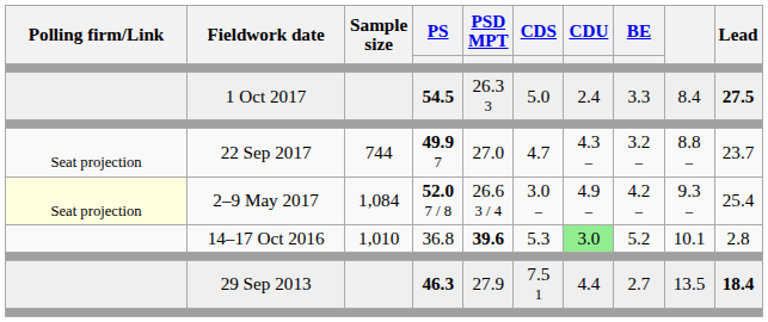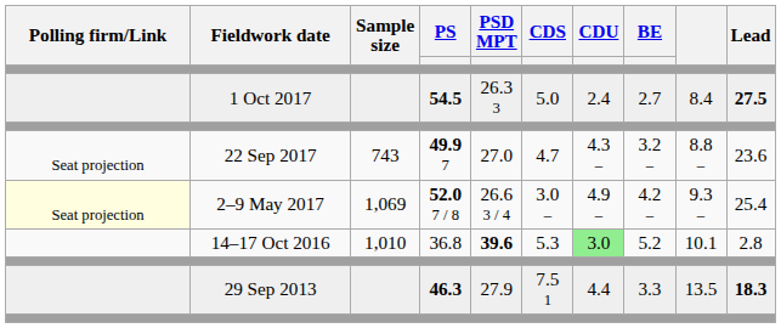 <table class="wikitable collapsible sortable" style="text-align:center; font-size:95%; line-height:16px;">
 <tr style="height:42px;">
 <th style="width:145px;" rowspan="2">Polling firm/Link</th>
 <th style="width:125px;" rowspan="2">Fieldwork date</th>
 <th class="unsortable" style="width:50px;" rowspan="2">Sample size</th>
 <th class="unsortable" style="width:35px;"><a href='#'>PS</a></th>
 <th class="unsortable" style="width:35px;"><a href='#'>PSD</a><br><a href='#'>MPT</a></th>
 <th class="unsortable" style="width:35px;"><a href='#'>CDS</a></th>
 <th class="unsortable" style="width:35px;"><a href='#'>CDU</a></th>
 <th class="unsortable" style="width:35px;"><a href='#'>BE</a></th>
 <th class="unsortable" style="width:35px;" rowspan="2"></th>
 <th class="unsortable" style="width:30px;" rowspan="2">Lead</th>
 </tr>
 <tr>
 <th class="unsortable" style="color:inherit;background:"></th>
 <th class="unsortable" style="color:inherit;background:"></th>
 <th class="unsortable" style="color:inherit;background:"></th>
 <th class="unsortable" style="color:inherit;background:"></th>
 <th class="unsortable" style="color:inherit;background:"></th>
 </tr>
 <tr>
 <td colspan="11" style="background:#A0A0A0"></td>
 </tr>
 <tr style="background:#EFEFEF;">
 <td><strong></strong></td>
 <td data-sort-value="2019-10-06">1 Oct 2017</td>
 <td></td>
 <td><strong>54.5</strong><br></td>
 <td align="center">26.3<br><small>3</small></td>
 <td>5.0<br></td>
 <td>2.4<br></td>
-<td>3.3<br></td>
+<td>2.7<br></td>
 <td>8.4<br></td>
 <td style="background:"><strong>27.5</strong></td>
 </tr>
 <tr>
 <td colspan="11" style="background:#A0A0A0"></td>
 </tr>
 <tr>
 <td align="center"><br><small>Seat projection</small></td>
 <td align="center">22 Sep 2017</td>
-<td>744</td>
+<td>743</td>
 <td align="center" ><strong>49.9</strong><br><small>7</small></td>
 <td>27.0<br></td>
 <td>4.7<br></td>
 <td align="center">4.3<br><small>–</small></td>
 <td align="center">3.2<br><small>–</small></td>
 <td align="center">8.8<br><small>–</small></td>
-<td style="background:">23.7</td>
+<td style="background:">23.6</td>
 </tr>
 <tr>
 <td align="center" style="background: lightyellow;"><br><small>Seat projection</small></td>
 <td align="center">2–9 May 2017</td>
-<td>1,084</td>
+<td>1,069</td>
 <td align="center" ><strong>52.0</strong><br><small>7 / 8</small></td>
 <td align="center">26.6<br><small>3 / 4</small></td>
 <td align="center">3.0<br><small>–</small></td>
 <td align="center">4.9<br><small>–</small></td>
 <td align="center">4.2<br><small>–</small></td>
 <td align="center">9.3<br><small>–</small></td>
 <td style="background:">25.4</td>
 </tr>
 <tr>
 <td align="center"></td>
 <td align="center">14–17 Oct 2016</td>
 <td>1,010</td>
 <td align="center">36.8</td>
 <td align="center" ><strong>39.6</strong></td>
 <td align="center">5.3</td>
 <td align="center" style="background: lightgreen;">3.0</td>
 <td align="center">5.2</td>
 <td align="center">10.1</td>
 <td style="background:">2.8</td>
 </tr>
 <tr>
 <td colspan="11" style="background:#A0A0A0"></td>
 </tr>
 <tr style="background:#EFEFEF;">
 <td><strong></strong></td>
 <td data-sort-value="2019-10-06">29 Sep 2013</td>
 <td></td>
 <td><strong>46.3</strong><br></td>
 <td>27.9<br></td>
 <td align="center">7.5<br><small>1</small></td>
 <td>4.4<br></td>
-<td>2.7<br></td>
+<td>3.3<br></td>
 <td>13.5</td>
-<td style="background:"><strong>18.4</strong></td>
+<td style="background:"><strong>18.3</strong></td>
 </tr>
 <tr>
 <td colspan="11" style="background:#A0A0A0"></td>
 </tr>
 </table>
